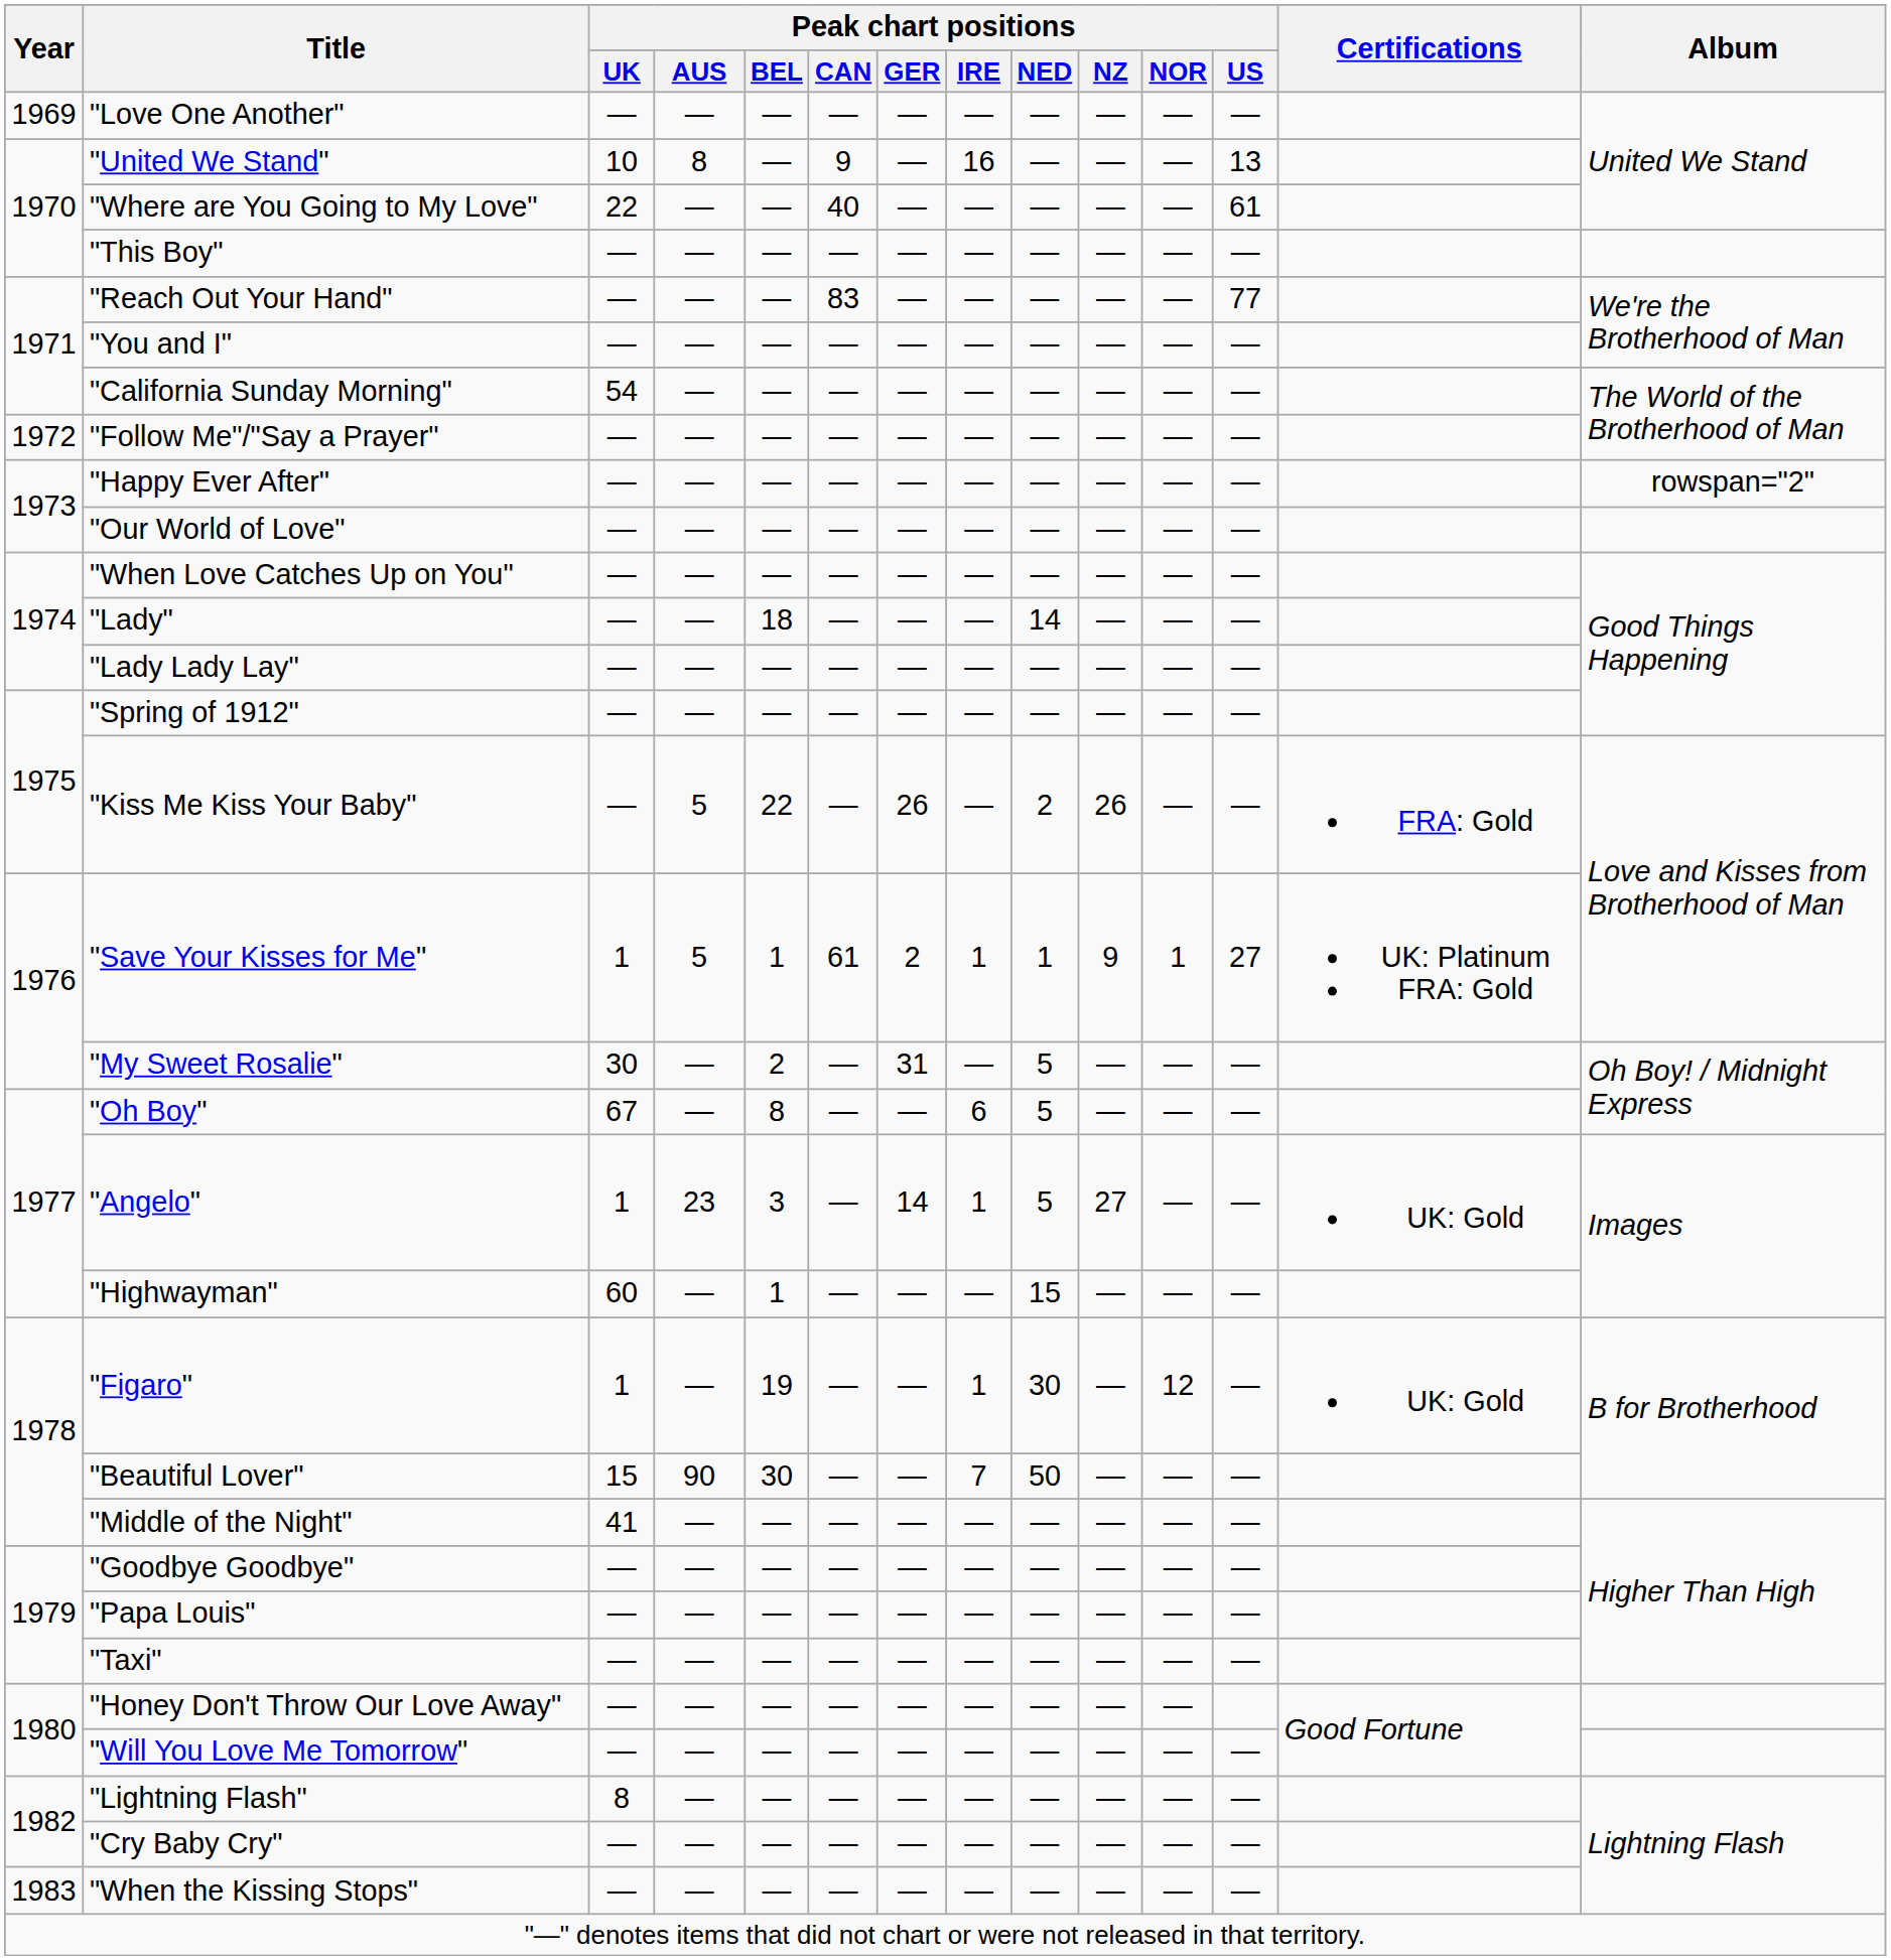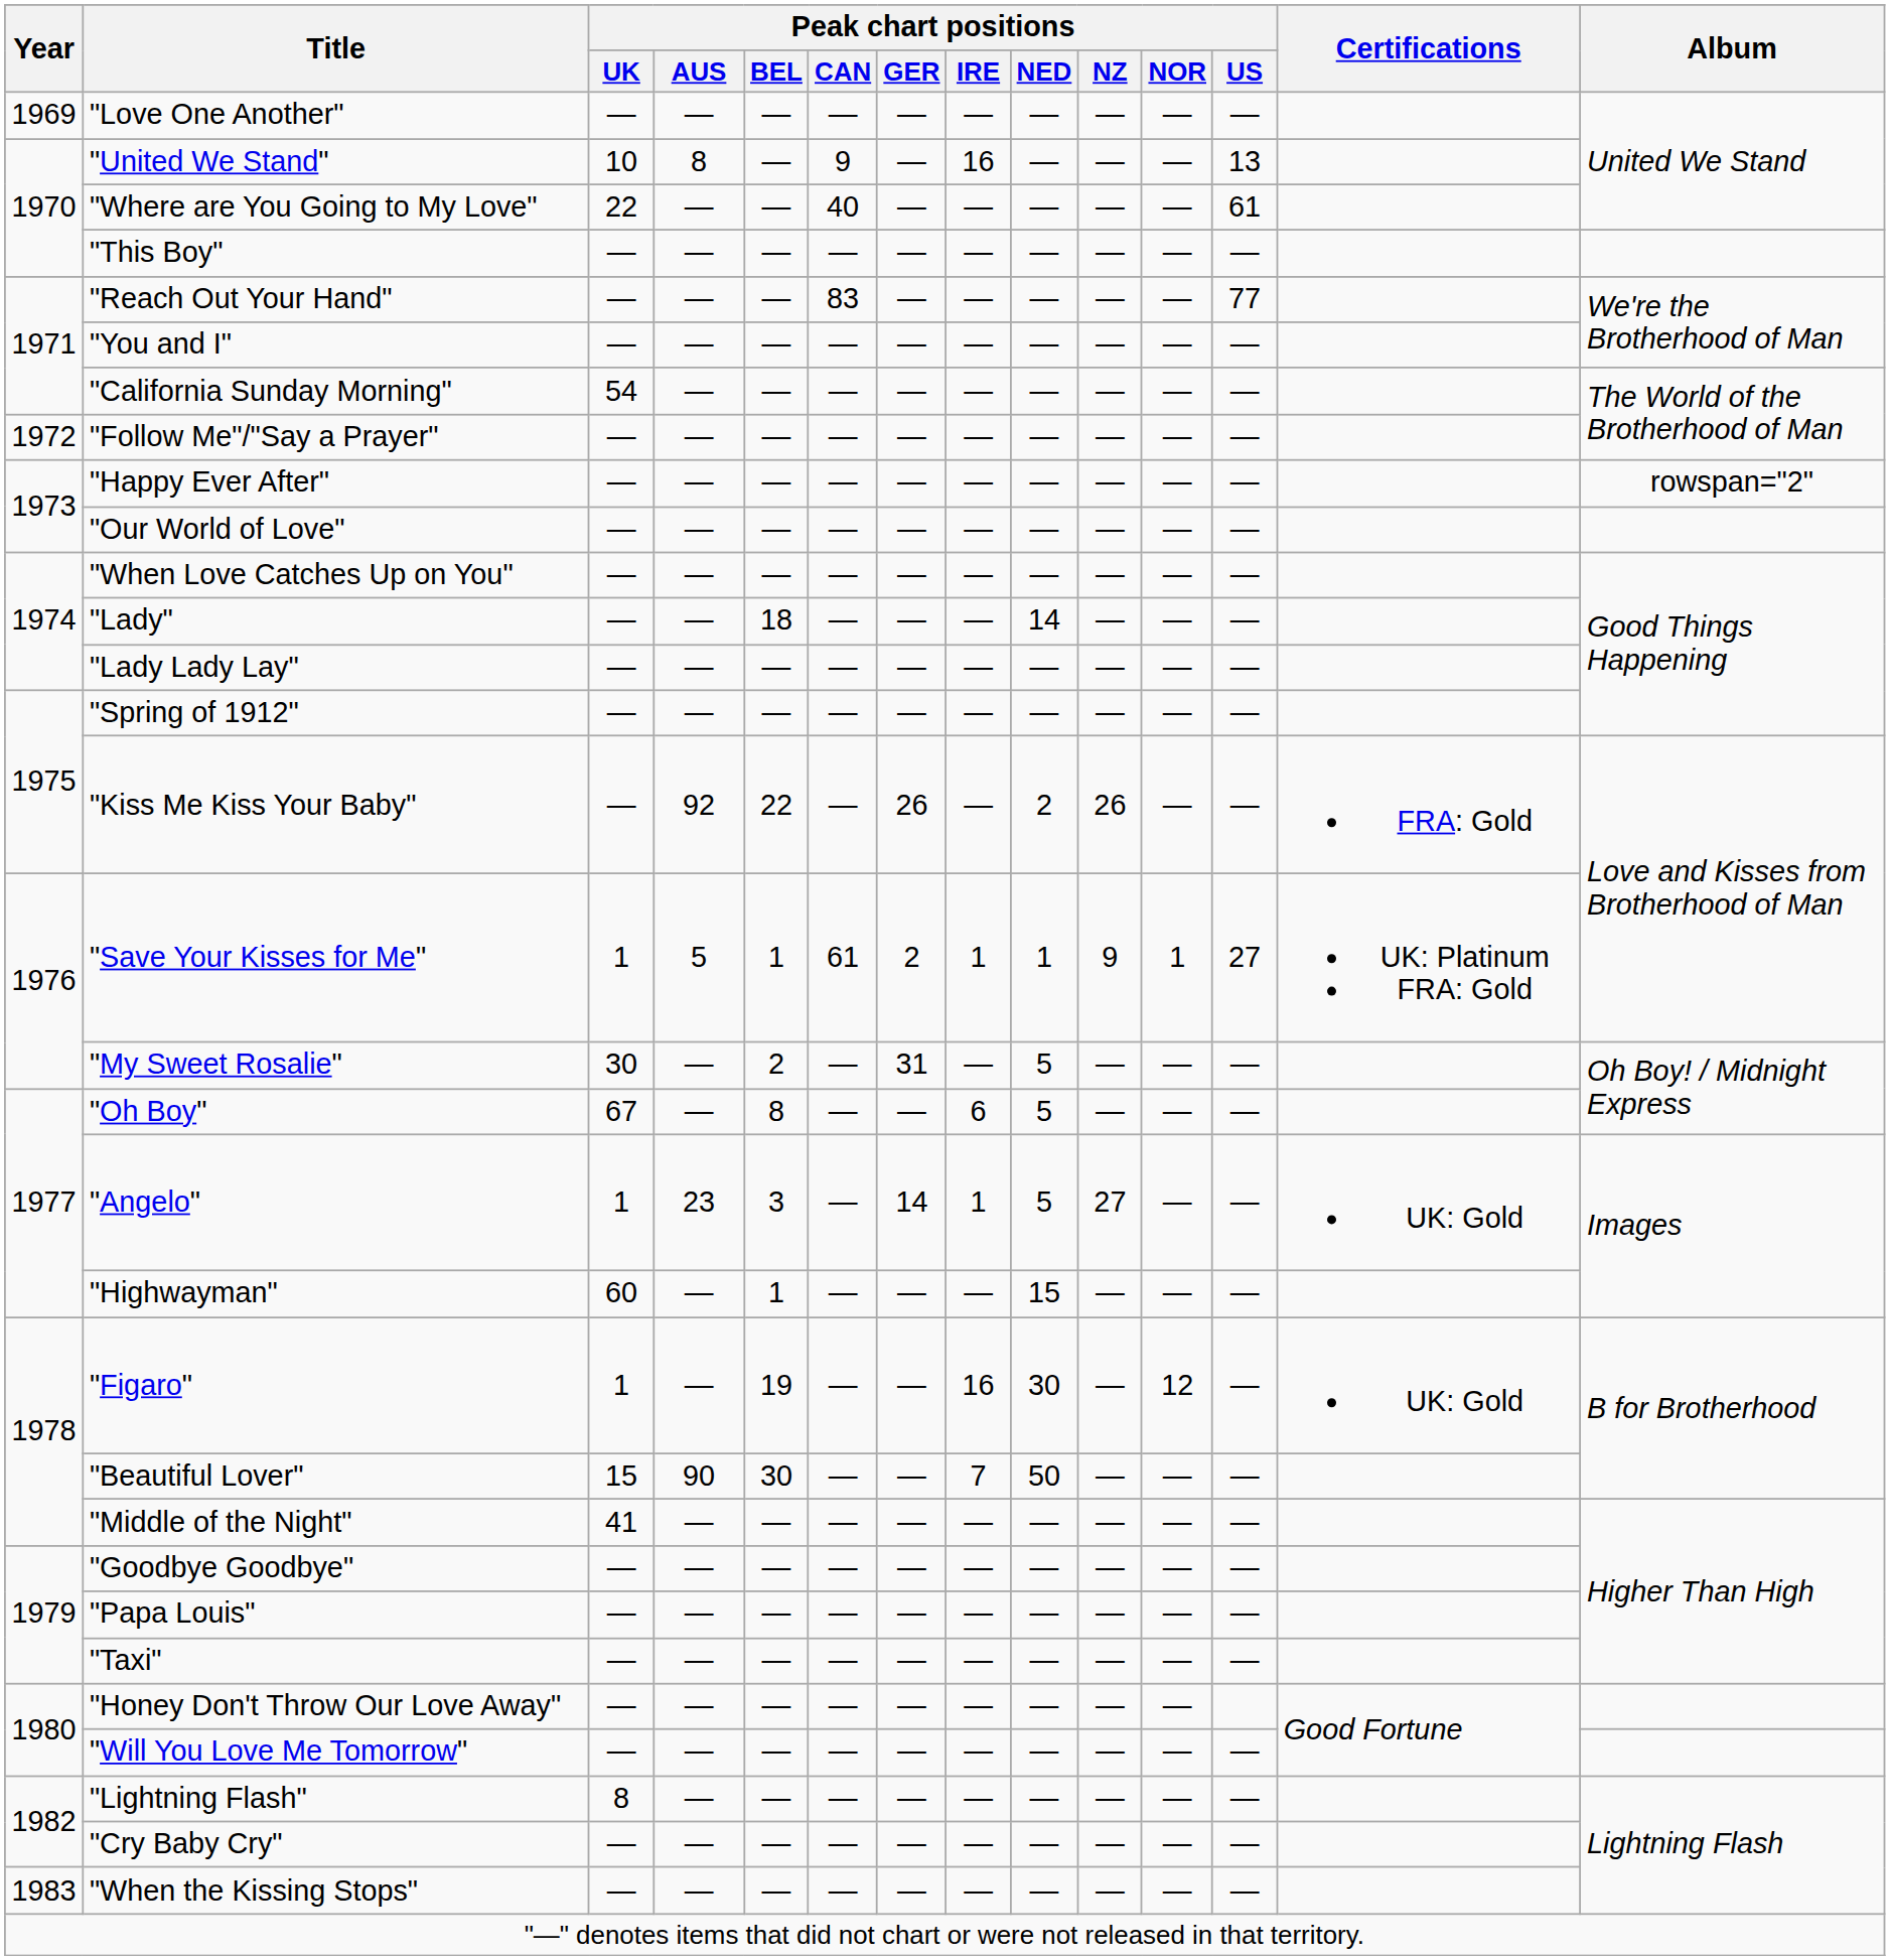 <table class="wikitable" style="text-align:center;">
 <tr>
 <th rowspan="2" style="width:2em;">Year</th>
 <th rowspan="2" style="width:17em;">Title</th>
 <th colspan="10">Peak chart positions</th>
 <th rowspan="2" style="width:10em;"><a href='#'>Certifications</a></th>
 <th rowspan="2" style="width:10em;">Album</th>
 </tr>
 <tr>
 <th style="width:2em;font-size:90%;"><a href='#'>UK</a><br></th>
 <th style="width:3em;font-size:90%;"><a href='#'>AUS</a><br></th>
 <th style="width:2em;font-size:90%;"><a href='#'>BEL</a><br></th>
 <th style="width:2em;font-size:90%;"><a href='#'>CAN</a><br></th>
 <th style="width:2em;font-size:90%;"><a href='#'>GER</a><br></th>
 <th style="width:2em;font-size:90%;"><a href='#'>IRE</a><br></th>
 <th style="width:2em;font-size:90%;"><a href='#'>NED</a><br></th>
 <th style="width:2em;font-size:90%;"><a href='#'>NZ</a><br></th>
 <th style="width:2em;font-size:90%;"><a href='#'>NOR</a><br></th>
 <th style="width:2em;font-size:90%;"><a href='#'>US</a><br></th>
 </tr>
 <tr>
 <td>1969</td>
 <td style="text-align:left;">"Love One Another"</td>
 <td>—</td>
 <td>—</td>
 <td>—</td>
 <td>—</td>
 <td>—</td>
 <td>—</td>
 <td>—</td>
 <td>—</td>
 <td>—</td>
 <td>—</td>
 <td></td>
 <td style="text-align:left;" rowspan="3"><em>United We Stand</em></td>
 </tr>
 <tr>
 <td rowspan="3">1970</td>
 <td style="text-align:left;">"<a href='#'>United We Stand</a>"</td>
 <td>10</td>
 <td>8</td>
 <td>—</td>
 <td>9</td>
 <td>—</td>
 <td>16</td>
 <td>—</td>
 <td>—</td>
 <td>—</td>
 <td>13</td>
 <td></td>
 </tr>
 <tr>
 <td style="text-align:left;">"Where are You Going to My Love"</td>
 <td>22</td>
 <td>—</td>
 <td>—</td>
 <td>40</td>
 <td>—</td>
 <td>—</td>
 <td>—</td>
 <td>—</td>
 <td>—</td>
 <td>61</td>
 <td></td>
 </tr>
 <tr>
 <td style="text-align:left;">"This Boy"</td>
 <td>—</td>
 <td>—</td>
 <td>—</td>
 <td>—</td>
 <td>—</td>
 <td>—</td>
 <td>—</td>
 <td>—</td>
 <td>—</td>
 <td>—</td>
 <td></td>
 <td></td>
 </tr>
 <tr>
 <td rowspan="3">1971</td>
 <td style="text-align:left;">"Reach Out Your Hand"</td>
 <td>—</td>
 <td>—</td>
 <td>—</td>
 <td>83</td>
 <td>—</td>
 <td>—</td>
 <td>—</td>
 <td>—</td>
 <td>—</td>
 <td>77</td>
 <td></td>
 <td style="text-align:left;" rowspan="2"><em>We're the Brotherhood of Man</em></td>
 </tr>
 <tr>
 <td style="text-align:left;">"You and I"</td>
 <td>—</td>
 <td>—</td>
 <td>—</td>
 <td>—</td>
 <td>—</td>
 <td>—</td>
 <td>—</td>
 <td>—</td>
 <td>—</td>
 <td>—</td>
 <td></td>
 </tr>
 <tr>
 <td style="text-align:left;">"California Sunday Morning"</td>
 <td>54</td>
 <td>—</td>
 <td>—</td>
 <td>—</td>
 <td>—</td>
 <td>—</td>
 <td>—</td>
 <td>—</td>
 <td>—</td>
 <td>—</td>
 <td></td>
 <td style="text-align:left;" rowspan="2"><em>The World of the Brotherhood of Man</em></td>
 </tr>
 <tr>
 <td>1972</td>
 <td style="text-align:left;">"Follow Me"/"Say a Prayer"</td>
 <td>—</td>
 <td>—</td>
 <td>—</td>
 <td>—</td>
 <td>—</td>
 <td>—</td>
 <td>—</td>
 <td>—</td>
 <td>—</td>
 <td>—</td>
 <td></td>
 </tr>
 <tr>
 <td rowspan="2">1973</td>
 <td style="text-align:left;">"Happy Ever After"</td>
 <td>—</td>
 <td>—</td>
 <td>—</td>
 <td>—</td>
 <td>—</td>
 <td>—</td>
 <td>—</td>
 <td>—</td>
 <td>—</td>
 <td>—</td>
 <td></td>
 <td>rowspan="2" </td>
 </tr>
 <tr>
 <td style="text-align:left;">"Our World of Love"</td>
 <td>—</td>
 <td>—</td>
 <td>—</td>
 <td>—</td>
 <td>—</td>
 <td>—</td>
 <td>—</td>
 <td>—</td>
 <td>—</td>
 <td>—</td>
 <td></td>
 </tr>
 <tr>
 <td rowspan="3">1974</td>
 <td style="text-align:left;">"When Love Catches Up on You"</td>
 <td>—</td>
 <td>—</td>
 <td>—</td>
 <td>—</td>
 <td>—</td>
 <td>—</td>
 <td>—</td>
 <td>—</td>
 <td>—</td>
 <td>—</td>
 <td></td>
 <td style="text-align:left;" rowspan="4"><em>Good Things Happening</em></td>
 </tr>
 <tr>
 <td style="text-align:left;">"Lady"</td>
 <td>—</td>
 <td>—</td>
 <td>18</td>
 <td>—</td>
 <td>—</td>
 <td>—</td>
 <td>14</td>
 <td>—</td>
 <td>—</td>
 <td>—</td>
 <td></td>
 </tr>
 <tr>
 <td style="text-align:left;">"Lady Lady Lay"</td>
 <td>—</td>
 <td>—</td>
 <td>—</td>
 <td>—</td>
 <td>—</td>
 <td>—</td>
 <td>—</td>
 <td>—</td>
 <td>—</td>
 <td>—</td>
 <td></td>
 </tr>
 <tr>
 <td rowspan="2">1975</td>
 <td style="text-align:left;">"Spring of 1912"</td>
 <td>—</td>
 <td>—</td>
 <td>—</td>
 <td>—</td>
 <td>—</td>
 <td>—</td>
 <td>—</td>
 <td>—</td>
 <td>—</td>
 <td>—</td>
 <td></td>
 </tr>
 <tr>
 <td style="text-align:left;">"Kiss Me Kiss Your Baby"</td>
 <td>—</td>
-<td>5</td>
+<td>92</td>
 <td>22</td>
 <td>—</td>
 <td>26</td>
 <td>—</td>
 <td>2</td>
 <td>26</td>
 <td>—</td>
 <td>—</td>
 <td><br><ul><li><a href='#'>FRA</a>: Gold</li></ul></td>
 <td style="text-align:left;" rowspan="2"><em>Love and Kisses from Brotherhood of Man</em></td>
 </tr>
 <tr>
 <td rowspan="2">1976</td>
 <td style="text-align:left;">"<a href='#'>Save Your Kisses for Me</a>"</td>
 <td>1</td>
 <td>5</td>
 <td>1</td>
 <td>61</td>
 <td>2</td>
 <td>1</td>
 <td>1</td>
 <td>9</td>
 <td>1</td>
 <td>27</td>
 <td><br><ul><li>UK: Platinum</li><li>FRA: Gold</li></ul></td>
 </tr>
 <tr>
 <td style="text-align:left;">"<a href='#'>My Sweet Rosalie</a>"</td>
 <td>30</td>
 <td>—</td>
 <td>2</td>
 <td>—</td>
 <td>31</td>
 <td>—</td>
 <td>5</td>
 <td>—</td>
 <td>—</td>
 <td>—</td>
 <td></td>
 <td style="text-align:left;" rowspan="2"><em>Oh Boy! / Midnight Express</em></td>
 </tr>
 <tr>
 <td rowspan="3">1977</td>
 <td style="text-align:left;">"<a href='#'>Oh Boy</a>"</td>
 <td>67</td>
 <td>—</td>
 <td>8</td>
 <td>—</td>
 <td>—</td>
 <td>6</td>
 <td>5</td>
 <td>—</td>
 <td>—</td>
 <td>—</td>
 <td></td>
 </tr>
 <tr>
 <td style="text-align:left;">"<a href='#'>Angelo</a>"</td>
 <td>1</td>
 <td>23</td>
 <td>3</td>
 <td>—</td>
 <td>14</td>
 <td>1</td>
 <td>5</td>
 <td>27</td>
 <td>—</td>
 <td>—</td>
 <td><br><ul><li>UK: Gold</li></ul></td>
 <td style="text-align:left;" rowspan="2"><em>Images</em></td>
 </tr>
 <tr>
 <td style="text-align:left;">"Highwayman"</td>
 <td>60</td>
 <td>—</td>
 <td>1</td>
 <td>—</td>
 <td>—</td>
 <td>—</td>
 <td>15</td>
 <td>—</td>
 <td>—</td>
 <td>—</td>
 <td></td>
 </tr>
 <tr>
 <td rowspan="3">1978</td>
 <td style="text-align:left;">"<a href='#'>Figaro</a>"</td>
 <td>1</td>
 <td>—</td>
 <td>19</td>
 <td>—</td>
 <td>—</td>
-<td>1</td>
+<td>16</td>
 <td>30</td>
 <td>—</td>
 <td>12</td>
 <td>—</td>
 <td><br><ul><li>UK: Gold</li></ul></td>
 <td style="text-align:left;" rowspan="2"><em>B for Brotherhood</em></td>
 </tr>
 <tr>
 <td style="text-align:left;">"Beautiful Lover"</td>
 <td>15</td>
 <td>90</td>
 <td>30</td>
 <td>—</td>
 <td>—</td>
 <td>7</td>
 <td>50</td>
 <td>—</td>
 <td>—</td>
 <td>—</td>
 <td></td>
 </tr>
 <tr>
 <td style="text-align:left;">"Middle of the Night"</td>
 <td>41</td>
 <td>—</td>
 <td>—</td>
 <td>—</td>
 <td>—</td>
 <td>—</td>
 <td>—</td>
 <td>—</td>
 <td>—</td>
 <td>—</td>
 <td></td>
 <td style="text-align:left;" rowspan="4"><em>Higher Than High</em></td>
 </tr>
 <tr>
 <td rowspan="3">1979</td>
 <td style="text-align:left;">"Goodbye Goodbye"</td>
 <td>—</td>
 <td>—</td>
 <td>—</td>
 <td>—</td>
 <td>—</td>
 <td>—</td>
 <td>—</td>
 <td>—</td>
 <td>—</td>
 <td>—</td>
 <td></td>
 </tr>
 <tr>
 <td style="text-align:left;">"Papa Louis"</td>
 <td>—</td>
 <td>—</td>
 <td>—</td>
 <td>—</td>
 <td>—</td>
 <td>—</td>
 <td>—</td>
 <td>—</td>
 <td>—</td>
 <td>—</td>
 <td></td>
 </tr>
 <tr>
 <td style="text-align:left;">"Taxi"</td>
 <td>—</td>
 <td>—</td>
 <td>—</td>
 <td>—</td>
 <td>—</td>
 <td>—</td>
 <td>—</td>
 <td>—</td>
 <td>—</td>
 <td>—</td>
 <td></td>
 </tr>
 <tr>
 <td rowspan="2">1980</td>
 <td style="text-align:left;">"Honey Don't Throw Our Love Away"</td>
 <td>—</td>
 <td>—</td>
 <td>—</td>
 <td>—</td>
 <td>—</td>
 <td>—</td>
 <td>—</td>
 <td>—</td>
 <td>—</td>
 <td></td>
 <td style="text-align:left;" rowspan="2"><em>Good Fortune</em></td>
 </tr>
 <tr>
 <td style="text-align:left;">"<a href='#'>Will You Love Me Tomorrow</a>"</td>
 <td>—</td>
 <td>—</td>
 <td>—</td>
 <td>—</td>
 <td>—</td>
 <td>—</td>
 <td>—</td>
 <td>—</td>
 <td>—</td>
 <td>—</td>
 <td></td>
 </tr>
 <tr>
 <td rowspan="2">1982</td>
 <td style="text-align:left;">"Lightning Flash"</td>
 <td>8</td>
 <td>—</td>
 <td>—</td>
 <td>—</td>
 <td>—</td>
 <td>—</td>
 <td>—</td>
 <td>—</td>
 <td>—</td>
 <td>—</td>
 <td></td>
 <td style="text-align:left;" rowspan="3"><em>Lightning Flash</em></td>
 </tr>
 <tr>
 <td style="text-align:left;">"Cry Baby Cry"</td>
 <td>—</td>
 <td>—</td>
 <td>—</td>
 <td>—</td>
 <td>—</td>
 <td>—</td>
 <td>—</td>
 <td>—</td>
 <td>—</td>
 <td>—</td>
 <td></td>
 </tr>
 <tr>
 <td>1983</td>
 <td style="text-align:left;">"When the Kissing Stops"</td>
 <td>—</td>
 <td>—</td>
 <td>—</td>
 <td>—</td>
 <td>—</td>
 <td>—</td>
 <td>—</td>
 <td>—</td>
 <td>—</td>
 <td>—</td>
 <td></td>
 </tr>
 <tr>
 <td colspan="15" style="font-size:90%">"—" denotes items that did not chart or were not released in that territory.</td>
 </tr>
 <tr>
 </tr>
 </table>
